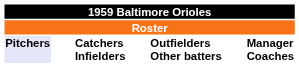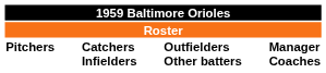 <table class="toccolours" style="font-size: 95%;">
 <tr>
 <th colspan="10" style="background-color: black; color: white; text-align: center;">1959 Baltimore Orioles</th>
 </tr>
 <tr>
 <td colspan="10" style="background-color: #F87217; color: white; text-align: center;"><strong>Roster</strong></td>
 </tr>
 <tr>
-<td valign="top" style="background: lavender;"><strong>Pitchers</strong><br>              </td>
+<td valign="top"><strong>Pitchers</strong><br>              </td>
 <td width="25px"></td>
 <td valign="top"><strong>Catchers</strong><br>  <strong>Infielders</strong>             </td>
 <td width="25px"></td>
 <td valign="top"><strong>Outfielders</strong><br>          <strong>Other batters</strong> </td>
 <td width="25px"></td>
 <td valign="top"><strong>Manager</strong><br> <strong>Coaches</strong>    </td>
 </tr>
 <tr>
 </tr>
 </table>
